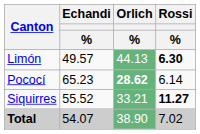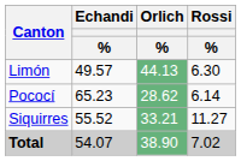 <table class="wikitable mw-collapsible mw-collapsed">
 <tr>
 <th rowspan="3"><a href='#'>Canton</a></th>
 <th colspan="1" width="40px">Echandi</th>
 <th colspan="1" width="40px">Orlich</th>
 <th colspan="1" width="40px">Rossi</th>
 </tr>
 <tr>
 <th style="background:"></th>
 <th style="background:"></th>
 <th style="background:"></th>
 </tr>
 <tr>
 <th data-sort-type="number">%</th>
 <th data-sort-type="number">%</th>
 <th data-sort-type="number">%</th>
 </tr>
 <tr>
 <td align="left"><a href='#'>Limón</a></td>
 <td style="background:">49.57</td>
 <td style="background:#66B27B; color:white;">44.13</td>
-<td><strong>6.30</strong></td>
+<td>6.30</td>
 </tr>
 <tr>
 <td align="left"><a href='#'>Pococí</a></td>
 <td style="background:">65.23</td>
-<td style="background:#66B27B; color:white;"><strong>28.62</strong></td>
+<td style="background:#66B27B; color:white;">28.62</td>
 <td>6.14</td>
 </tr>
 <tr>
 <td align="left"><a href='#'>Siquirres</a></td>
 <td style="background:">55.52</td>
 <td style="background:#66B27B; color:white;">33.21</td>
-<td><strong>11.27</strong></td>
+<td>11.27</td>
 </tr>
 <tr style="background:#CDCDCD;">
 <td align="left"><strong>Total</strong></td>
 <td style="background:">54.07</td>
 <td style="background:#66B27B; color:white;">38.90</td>
 <td>7.02</td>
 </tr>
 </table>
